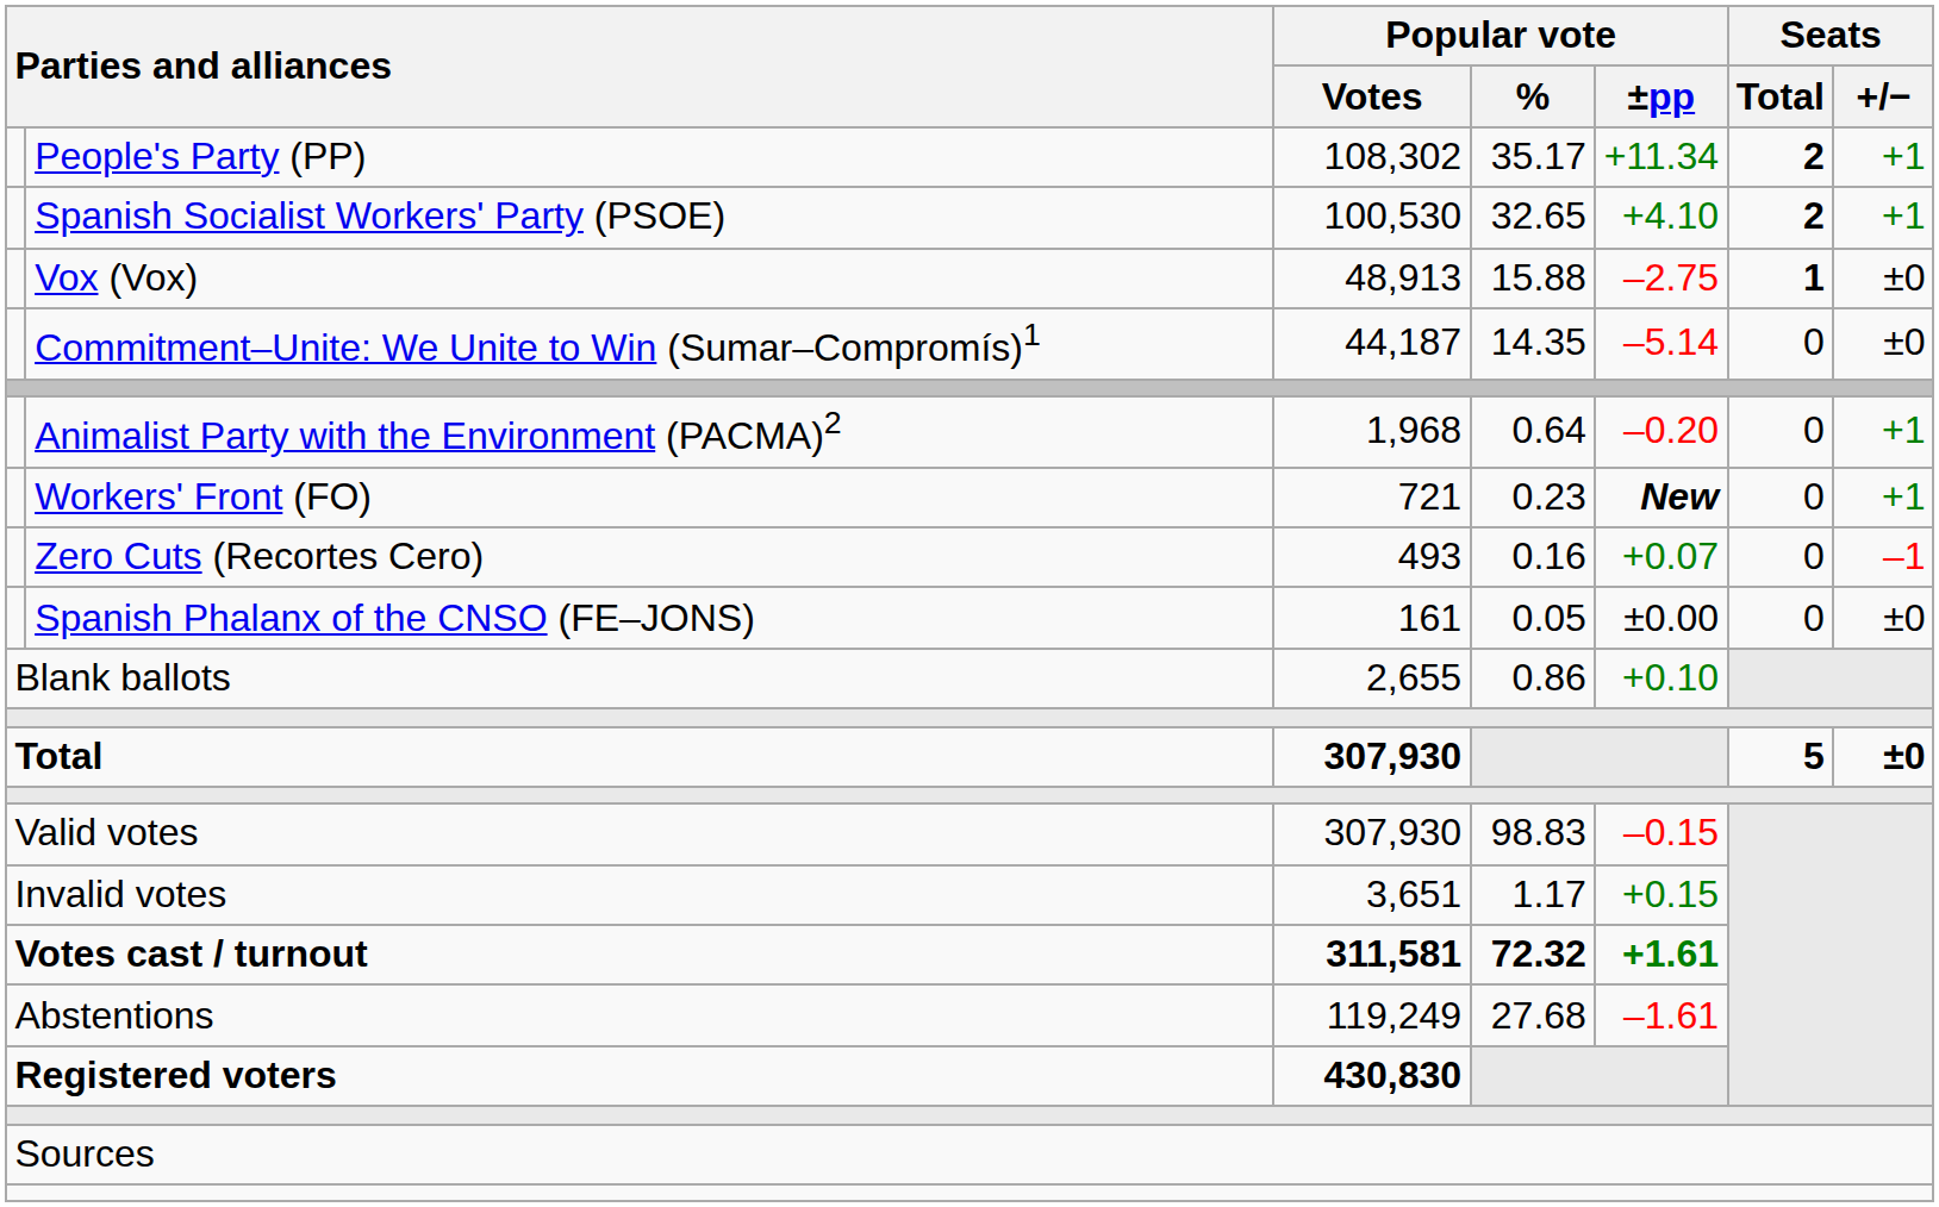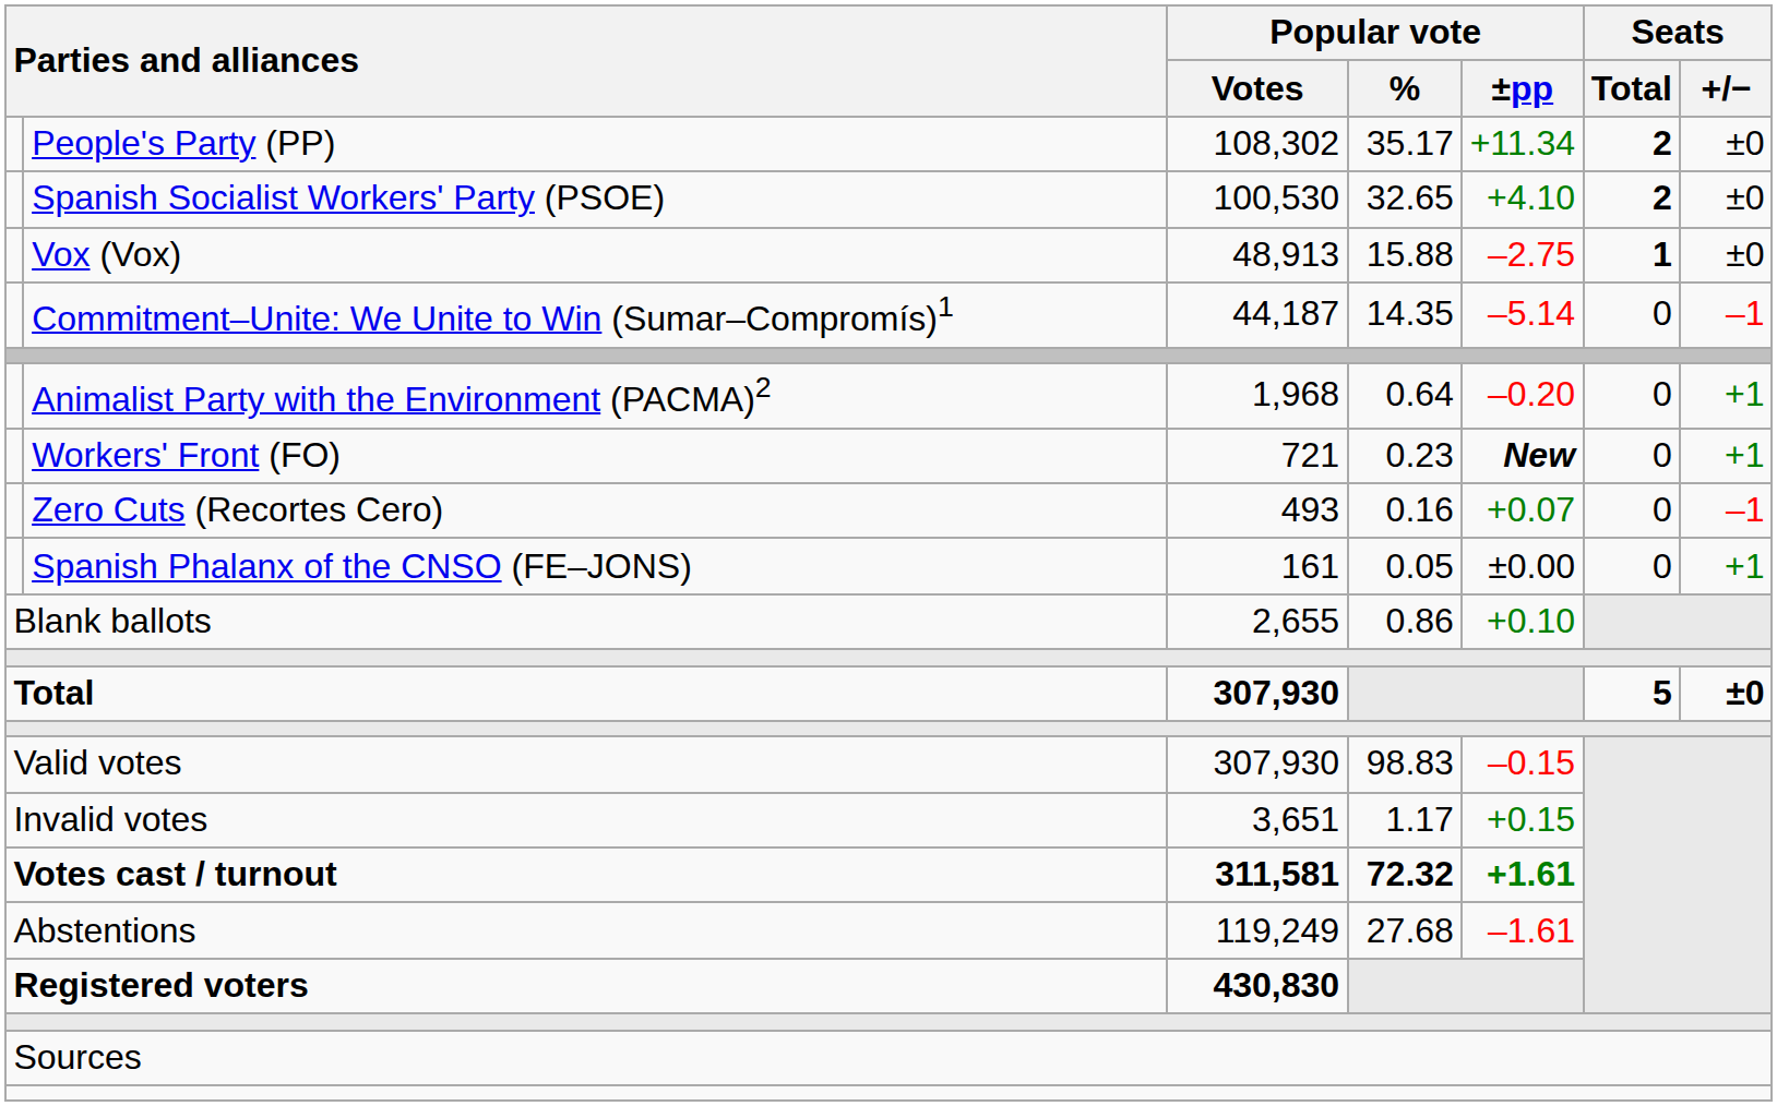 <table class="wikitable" style="text-align:right;">
 <tr>
 <th style="text-align:left;" rowspan="2" colspan="2" width="525">Parties and alliances</th>
 <th colspan="3">Popular vote</th>
 <th colspan="2">Seats</th>
 </tr>
 <tr>
 <th width="75">Votes</th>
 <th width="45">%</th>
 <th width="45">±<a href='#'>pp</a></th>
 <th width="35">Total</th>
 <th width="35">+/−</th>
 </tr>
 <tr>
 <td width="1" style="color:inherit;background:"></td>
 <td align="left"><a href='#'>People's Party</a> (PP)</td>
 <td>108,302</td>
 <td>35.17</td>
 <td style="color:green;">+11.34</td>
 <td><strong>2</strong></td>
-<td style="color:green;">+1</td>
+<td>±0</td>
 </tr>
 <tr>
 <td style="color:inherit;background:"></td>
 <td align="left"><a href='#'>Spanish Socialist Workers' Party</a> (PSOE)</td>
 <td>100,530</td>
 <td>32.65</td>
 <td style="color:green;">+4.10</td>
 <td><strong>2</strong></td>
-<td style="color:green;">+1</td>
+<td>±0</td>
 </tr>
 <tr>
 <td style="color:inherit;background:"></td>
 <td align="left"><a href='#'>Vox</a> (Vox)</td>
 <td>48,913</td>
 <td>15.88</td>
 <td style="color:red;">–2.75</td>
 <td><strong>1</strong></td>
 <td>±0</td>
 </tr>
 <tr>
 <td style="color:inherit;background:"></td>
 <td align="left"><a href='#'>Commitment–Unite: We Unite to Win</a> (Sumar–Compromís)<sup>1</sup></td>
 <td>44,187</td>
 <td>14.35</td>
 <td style="color:red;">–5.14</td>
 <td>0</td>
-<td>±0</td>
+<td style="color:red;">–1</td>
 </tr>
 <tr>
 <td colspan="7" bgcolor="#C0C0C0"></td>
 </tr>
 <tr>
 <td style="color:inherit;background:"></td>
 <td align="left"><a href='#'>Animalist Party with the Environment</a> (PACMA)<sup>2</sup></td>
 <td>1,968</td>
 <td>0.64</td>
 <td style="color:red;">–0.20</td>
 <td>0</td>
 <td style="color:green;">+1</td>
 </tr>
 <tr>
 <td style="color:inherit;background:"></td>
 <td align="left"><a href='#'>Workers' Front</a> (FO)</td>
 <td>721</td>
 <td>0.23</td>
 <td><strong><em>New</em></strong></td>
 <td>0</td>
 <td style="color:green;">+1</td>
 </tr>
 <tr>
 <td style="color:inherit;background:"></td>
 <td align="left"><a href='#'>Zero Cuts</a> (Recortes Cero)</td>
 <td>493</td>
 <td>0.16</td>
 <td style="color:green;">+0.07</td>
 <td>0</td>
 <td style="color:red;">–1</td>
 </tr>
 <tr>
 <td style="color:inherit;background:"></td>
 <td align="left"><a href='#'>Spanish Phalanx of the CNSO</a> (FE–JONS)</td>
 <td>161</td>
 <td>0.05</td>
 <td>±0.00</td>
 <td>0</td>
-<td>±0</td>
+<td style="color:green;">+1</td>
 </tr>
 <tr>
 <td align="left" colspan="2">Blank ballots</td>
 <td>2,655</td>
 <td>0.86</td>
 <td style="color:green;">+0.10</td>
 <td bgcolor="#E9E9E9" colspan="2"></td>
 </tr>
 <tr>
 <td colspan="7" bgcolor="#E9E9E9"></td>
 </tr>
 <tr style="font-weight:bold;">
 <td align="left" colspan="2">Total</td>
 <td>307,930</td>
 <td bgcolor="#E9E9E9" colspan="2"></td>
 <td>5</td>
 <td>±0</td>
 </tr>
 <tr>
 <td colspan="7" bgcolor="#E9E9E9"></td>
 </tr>
 <tr>
 <td align="left" colspan="2">Valid votes</td>
 <td>307,930</td>
 <td>98.83</td>
 <td style="color:red;">–0.15</td>
 <td bgcolor="#E9E9E9" colspan="2" rowspan="5"></td>
 </tr>
 <tr>
 <td align="left" colspan="2">Invalid votes</td>
 <td>3,651</td>
 <td>1.17</td>
 <td style="color:green;">+0.15</td>
 </tr>
 <tr style="font-weight:bold;">
 <td align="left" colspan="2">Votes cast / turnout</td>
 <td>311,581</td>
 <td>72.32</td>
 <td style="color:green;">+1.61</td>
 </tr>
 <tr>
 <td align="left" colspan="2">Abstentions</td>
 <td>119,249</td>
 <td>27.68</td>
 <td style="color:red;">–1.61</td>
 </tr>
 <tr style="font-weight:bold;">
 <td align="left" colspan="2">Registered voters</td>
 <td>430,830</td>
 <td bgcolor="#E9E9E9" colspan="2"></td>
 </tr>
 <tr>
 <td colspan="7" bgcolor="#E9E9E9"></td>
 </tr>
 <tr>
 <td align="left" colspan="7">Sources</td>
 </tr>
 <tr>
 <td colspan="7" style="text-align:left; max-width:790px;"></td>
 </tr>
 </table>
